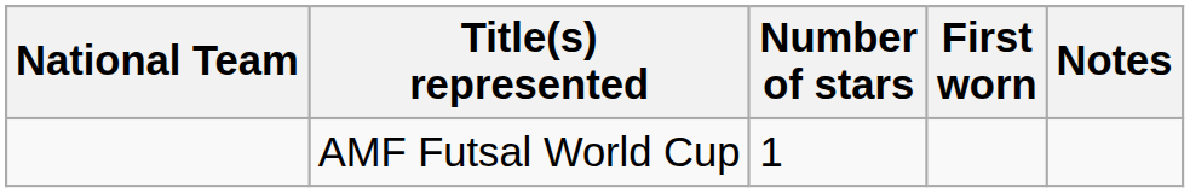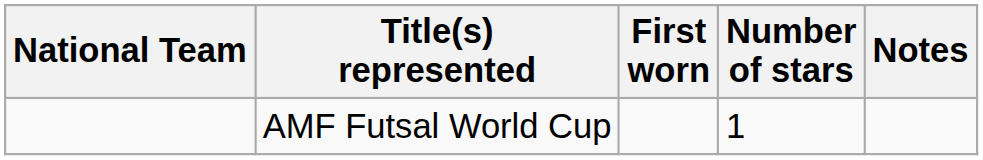 <table class="wikitable sortable">
 <tr>
 <th>National Team</th>
 <th>Title(s)<br>represented</th>
+<th>First<br>worn</th>
 <th>Number<br>of stars</th>
-<th>First<br>worn</th>
 <th class="unsortable">Notes</th>
 </tr>
 <tr ->
 <td></td>
 <td>AMF Futsal World Cup</td>
+<td></td>
 <td>1</td>
-<td></td>
 <td></td>
 </tr>
 </table>
